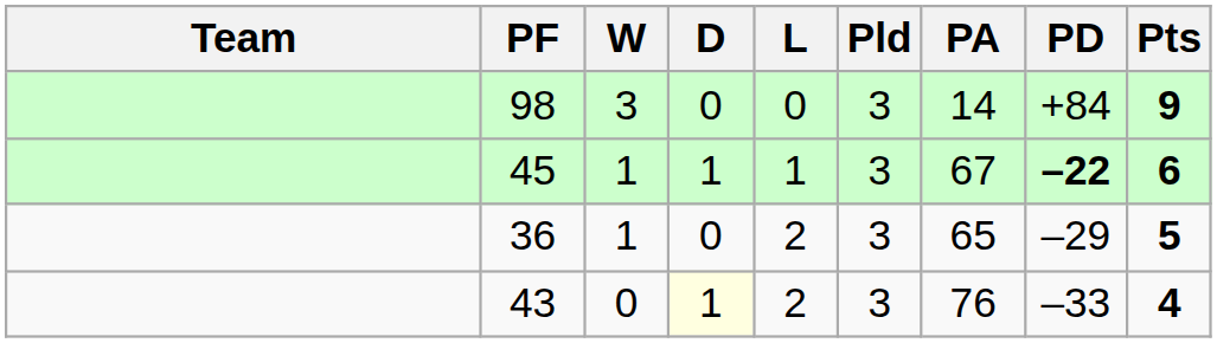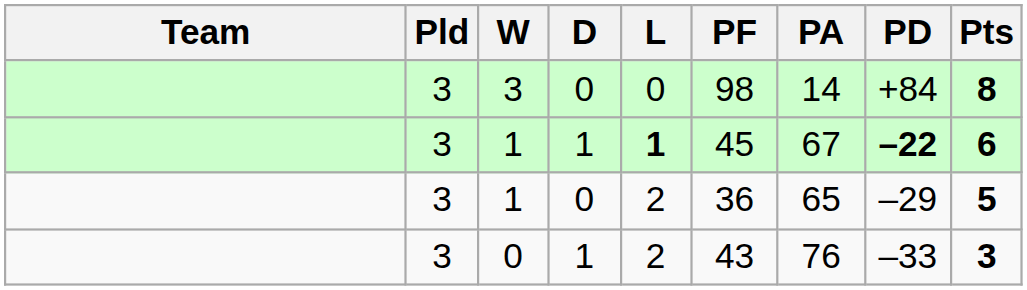 <table class="wikitable" style="text-align:center;">
 <tr>
 <th width=175>Team</th>
-<th width=32 abbr="Points for">PF</th>
+<th width=25 abbr="Played">Pld</th>
 <th width=25 abbr="Won">W</th>
 <th width=25 abbr="Drawn">D</th>
 <th width=25 abbr="Lost">L</th>
-<th width=25 abbr="Played">Pld</th>
+<th width=32 abbr="Points for">PF</th>
 <th width=32 abbr="Points against">PA</th>
 <th width=32 abbr="Points difference">PD</th>
 <th width=25 abbr="Points">Pts</th>
 </tr>
 <tr bgcolor=ccffcc>
 <td align=left></td>
-<td>98</td>
+<td>3</td>
 <td>3</td>
 <td>0</td>
 <td>0</td>
-<td>3</td>
+<td>98</td>
 <td>14</td>
 <td>+84</td>
-<td><strong>9</strong></td>
+<td><strong>8</strong></td>
 </tr>
 <tr bgcolor=ccffcc>
 <td align=left></td>
-<td>45</td>
+<td>3</td>
 <td>1</td>
 <td>1</td>
-<td>1</td>
-<td>3</td>
+<td><strong>1</strong></td>
+<td>45</td>
 <td>67</td>
 <td><strong>–22</strong></td>
 <td><strong>6</strong></td>
 </tr>
 <tr>
 <td align=left></td>
-<td>36</td>
+<td>3</td>
 <td>1</td>
 <td>0</td>
 <td>2</td>
-<td>3</td>
+<td>36</td>
 <td>65</td>
 <td>–29</td>
 <td><strong>5</strong></td>
 </tr>
 <tr>
 <td align=left></td>
+<td>3</td>
+<td>0</td>
+<td>1</td>
+<td>2</td>
 <td>43</td>
-<td>0</td>
-<td style="background: lightyellow;">1</td>
-<td>2</td>
-<td>3</td>
 <td>76</td>
 <td>–33</td>
-<td><strong>4</strong></td>
+<td><strong>3</strong></td>
 </tr>
 </table>
